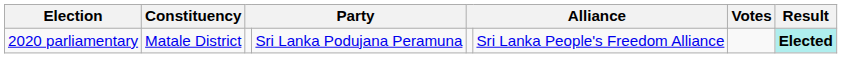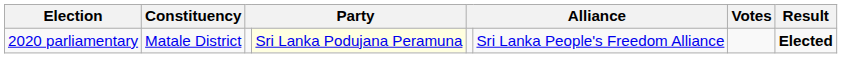 <table class="wikitable" style="text-align:left;">
 <tr>
 <th scope=col>Election</th>
 <th scope=col>Constituency</th>
 <th scope=col colspan="2">Party</th>
 <th scope=col colspan="2">Alliance</th>
 <th scope=col>Votes</th>
 <th scope=col>Result</th>
 </tr>
 <tr>
 <td><a href='#'>2020 parliamentary</a></td>
 <td><a href='#'>Matale District</a></td>
 <td style="background:"></td>
-<td><a href='#'>Sri Lanka Podujana Peramuna</a></td>
+<td style="background: lightyellow;"><a href='#'>Sri Lanka Podujana Peramuna</a></td>
 <td style="background:"></td>
 <td><a href='#'>Sri Lanka People's Freedom Alliance</a></td>
 <td align=right></td>
-<td style="background: paleturquoise;"><strong>Elected</strong></td>
+<td><strong>Elected</strong></td>
 </tr>
 </table>
